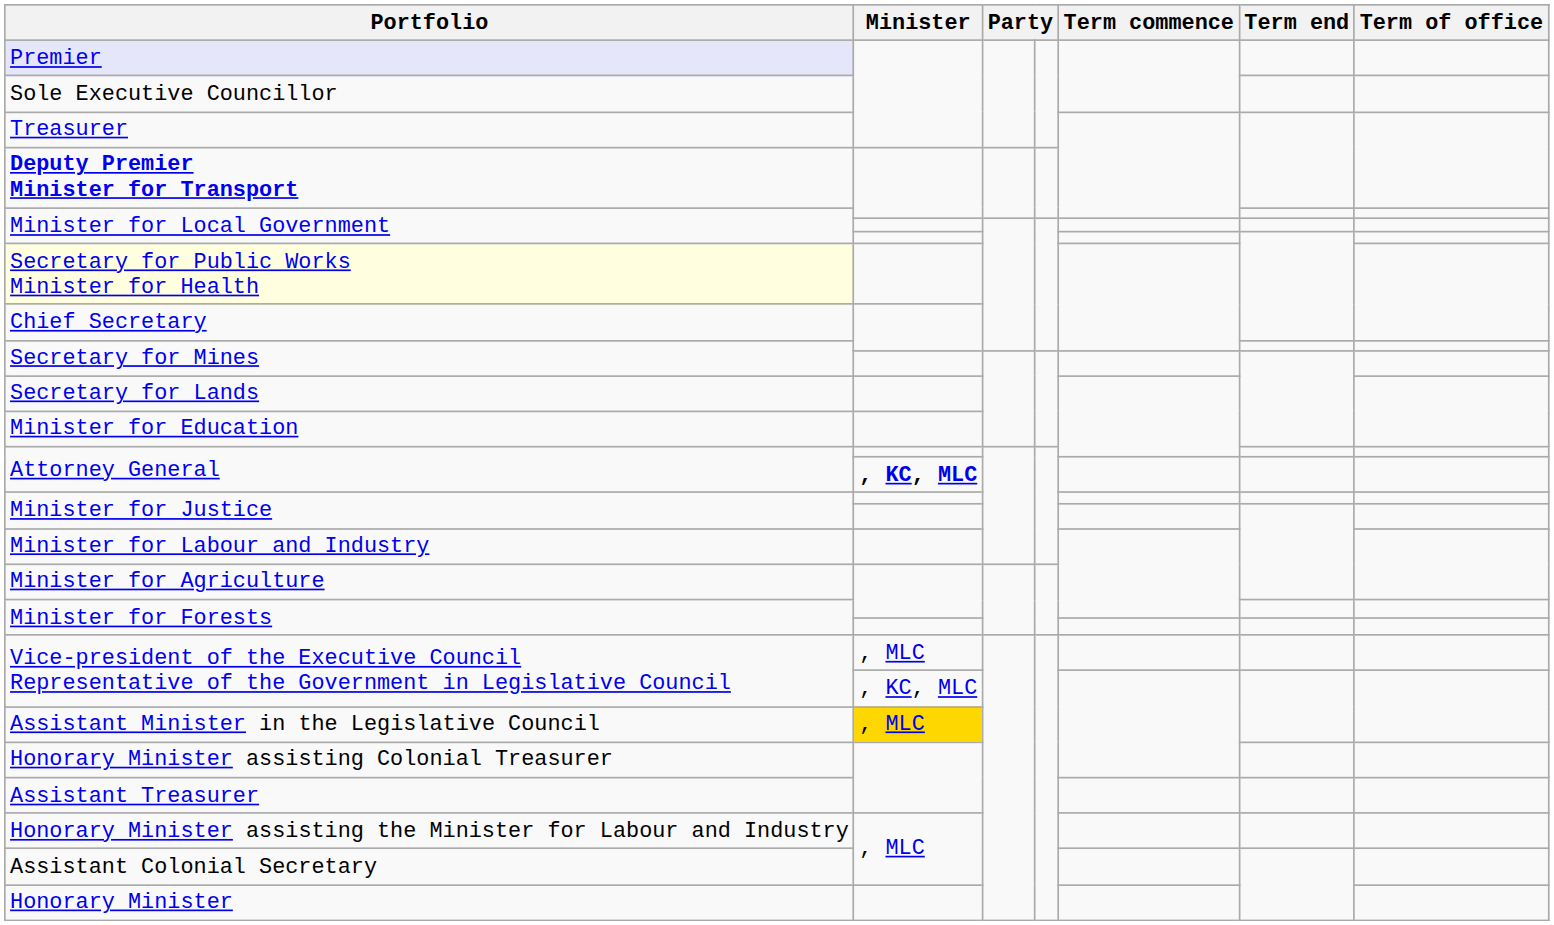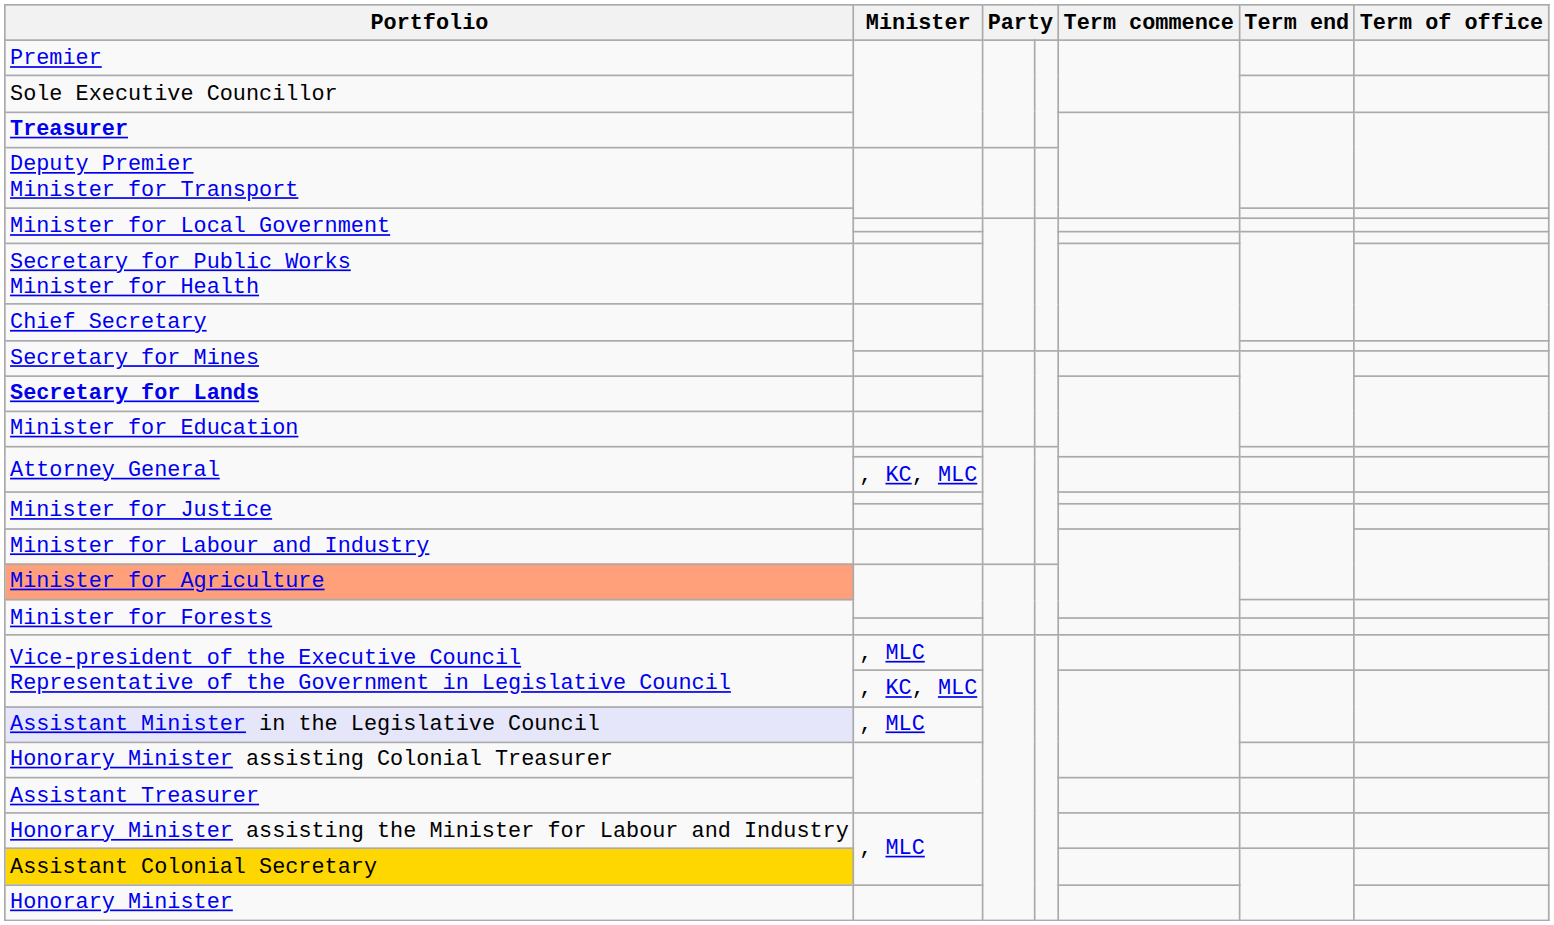 <table class="wikitable sortable">
 <tr>
 <th>Portfolio</th>
 <th>Minister</th>
 <th colspan=2>Party</th>
 <th>Term commence</th>
 <th>Term end</th>
 <th>Term of office</th>
 </tr>
 <tr>
-<td style="background: lavender;"><a href='#'>Premier</a></td>
+<td><a href='#'>Premier</a></td>
 <td rowspan="3"></td>
 <td rowspan=3 > </td>
 <td rowspan=3></td>
 <td rowspan=2 align="center"></td>
 <td align="center"></td>
 <td align="center"></td>
 </tr>
 <tr>
 <td>Sole Executive Councillor</td>
 <td align="center"></td>
 <td align="center"></td>
 </tr>
 <tr>
-<td><a href='#'>Treasurer</a></td>
+<td><strong><a href='#'>Treasurer</a></strong></td>
 <td rowspan=3 align="center"></td>
 <td rowspan=2 align="center"></td>
 <td rowspan=2 align="center"></td>
 </tr>
 <tr>
-<td><strong><a href='#'>Deputy Premier</a><br><a href='#'>Minister for Transport</a></strong></td>
+<td><a href='#'>Deputy Premier</a><br><a href='#'>Minister for Transport</a></td>
 <td rowspan=2></td>
 <td rowspan=2 > </td>
 <td rowspan=2></td>
 </tr>
 <tr>
 <td rowspan="3"><a href='#'>Minister for Local Government</a></td>
 <td align="center"></td>
 <td align="center"></td>
 </tr>
 <tr>
 <td></td>
 <td rowspan="5" > </td>
 <td rowspan="5"></td>
 <td align="center"></td>
 <td align="center"></td>
 <td align="center"></td>
 </tr>
 <tr>
 <td></td>
 <td align="center"></td>
 <td rowspan="3" align="center"></td>
 <td align="center"></td>
 </tr>
 <tr>
-<td style="background: lightyellow;"><a href='#'>Secretary for Public Works</a><br><a href='#'>Minister for Health</a></td>
+<td><a href='#'>Secretary for Public Works</a><br><a href='#'>Minister for Health</a></td>
 <td></td>
 <td rowspan=3 align="center"></td>
 <td rowspan=2 align="center"></td>
 </tr>
 <tr>
 <td><a href='#'>Chief Secretary</a></td>
 <td rowspan=2></td>
 </tr>
 <tr>
 <td rowspan="2"><a href='#'>Secretary for Mines</a></td>
 <td align="center"></td>
 <td align="center"></td>
 </tr>
 <tr>
 <td></td>
 <td rowspan="3" > </td>
 <td rowspan="3"></td>
 <td align="center"></td>
 <td rowspan="3" align="center"></td>
 <td align="center"></td>
 </tr>
 <tr>
-<td><a href='#'>Secretary for Lands</a></td>
+<td><strong><a href='#'>Secretary for Lands</a></strong></td>
 <td></td>
 <td rowspan="3" align="center"></td>
 <td rowspan=2 align="center"></td>
 </tr>
 <tr>
 <td><a href='#'>Minister for Education</a></td>
 <td></td>
 </tr>
 <tr>
 <td rowspan="2"><a href='#'>Attorney General</a></td>
 <td></td>
 <td rowspan="5" > </td>
 <td rowspan="5"></td>
 <td align="center"></td>
 <td align="center"></td>
 </tr>
 <tr>
-<td><strong>, <a href='#'>KC</a>, <a href='#'>MLC</a></strong></td>
+<td>, <a href='#'>KC</a>, <a href='#'>MLC</a></td>
 <td align="center"></td>
 <td align="center"></td>
 <td align="center"></td>
 </tr>
 <tr>
 <td rowspan="2"><a href='#'>Minister for Justice</a></td>
 <td></td>
 <td align="center"></td>
 <td align="center"></td>
 <td align="center"></td>
 </tr>
 <tr>
 <td></td>
 <td align="center"></td>
 <td rowspan="3" align="center"></td>
 <td align="center"></td>
 </tr>
 <tr>
 <td><a href='#'>Minister for Labour and Industry</a></td>
 <td></td>
 <td rowspan="3" align="center"></td>
 <td rowspan="2" align="center"></td>
 </tr>
 <tr>
-<td><a href='#'>Minister for Agriculture</a></td>
+<td style="background: lightsalmon;"><a href='#'>Minister for Agriculture</a></td>
 <td rowspan="2"></td>
 <td rowspan="3" > </td>
 <td rowspan="3"></td>
 </tr>
 <tr>
 <td rowspan="2"><a href='#'>Minister for Forests</a></td>
 <td align="center"></td>
 <td align="center"></td>
 </tr>
 <tr>
 <td></td>
 <td align="center"></td>
 <td align="center"></td>
 <td align="center"></td>
 </tr>
 <tr>
 <td rowspan="2"><a href='#'>Vice-president of the Executive Council</a><br><a href='#'>Representative of the Government in Legislative Council</a></td>
 <td>, <a href='#'>MLC</a></td>
 <td rowspan="8" > </td>
 <td rowspan="8"></td>
 <td align="center"></td>
 <td align="center"></td>
 <td align="center"></td>
 </tr>
 <tr>
 <td>, <a href='#'>KC</a>, <a href='#'>MLC</a></td>
 <td rowspan="3" align="center"></td>
 <td rowspan="2" align="center"></td>
 <td rowspan="2" align="center"></td>
 </tr>
 <tr>
-<td><a href='#'>Assistant Minister</a> in the Legislative Council</td>
-<td style="background: gold;">, <a href='#'>MLC</a></td>
+<td style="background: lavender;"><a href='#'>Assistant Minister</a> in the Legislative Council</td>
+<td>, <a href='#'>MLC</a></td>
 </tr>
 <tr>
 <td><a href='#'>Honorary Minister</a> assisting Colonial Treasurer</td>
 <td rowspan="2"></td>
 <td align="center"></td>
 <td align="center"></td>
 </tr>
 <tr>
 <td><a href='#'>Assistant Treasurer</a></td>
 <td align="center"></td>
 <td align="center"></td>
 <td align="center"></td>
 </tr>
 <tr>
 <td><a href='#'>Honorary Minister</a> assisting the Minister for Labour and Industry</td>
 <td rowspan="2">, <a href='#'>MLC</a></td>
 <td align="center"></td>
 <td align="center"></td>
 <td align="center"></td>
 </tr>
 <tr>
-<td>Assistant Colonial Secretary</td>
+<td style="background: gold;">Assistant Colonial Secretary</td>
 <td align="center"></td>
 <td rowspan="2" align="center"></td>
 <td align="center"></td>
 </tr>
 <tr>
 <td><a href='#'>Honorary Minister</a></td>
 <td></td>
 <td align="center"></td>
 <td align="center"></td>
 </tr>
 </table>
